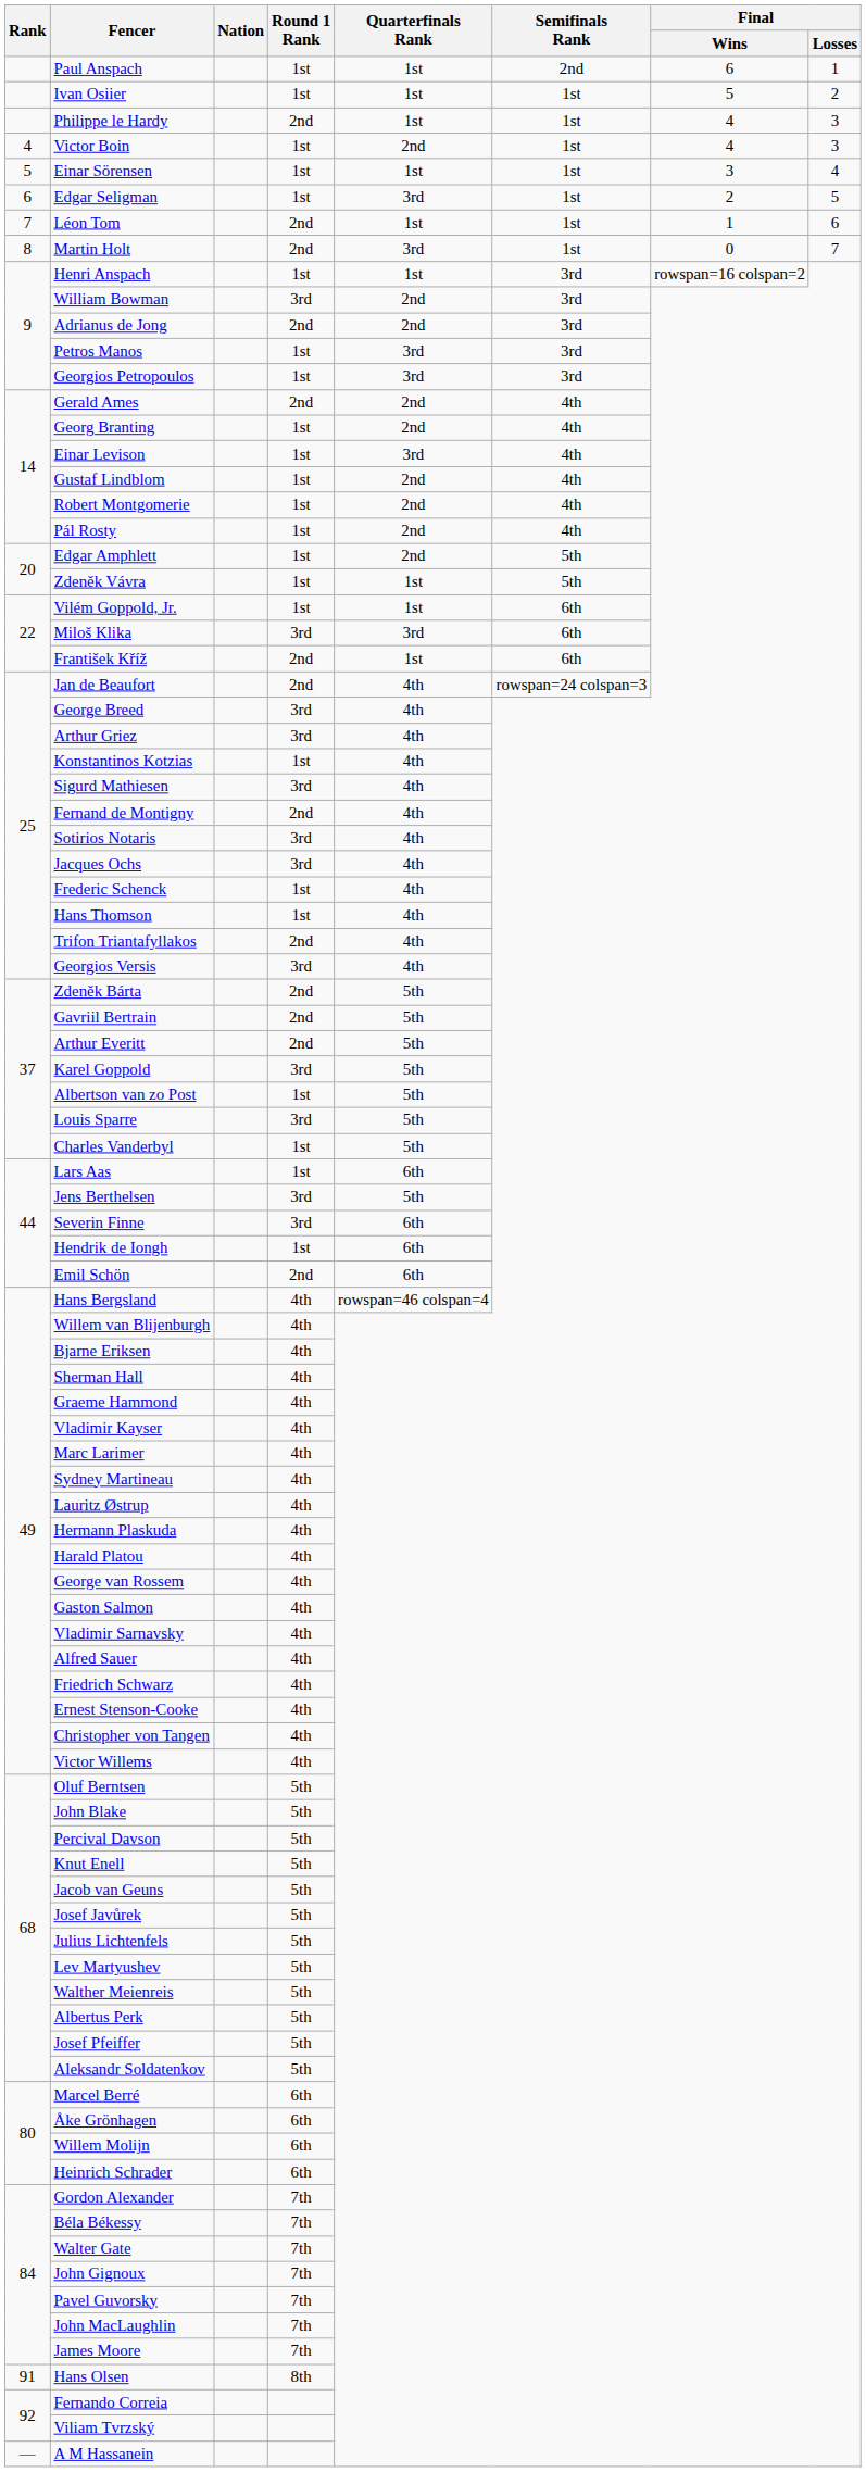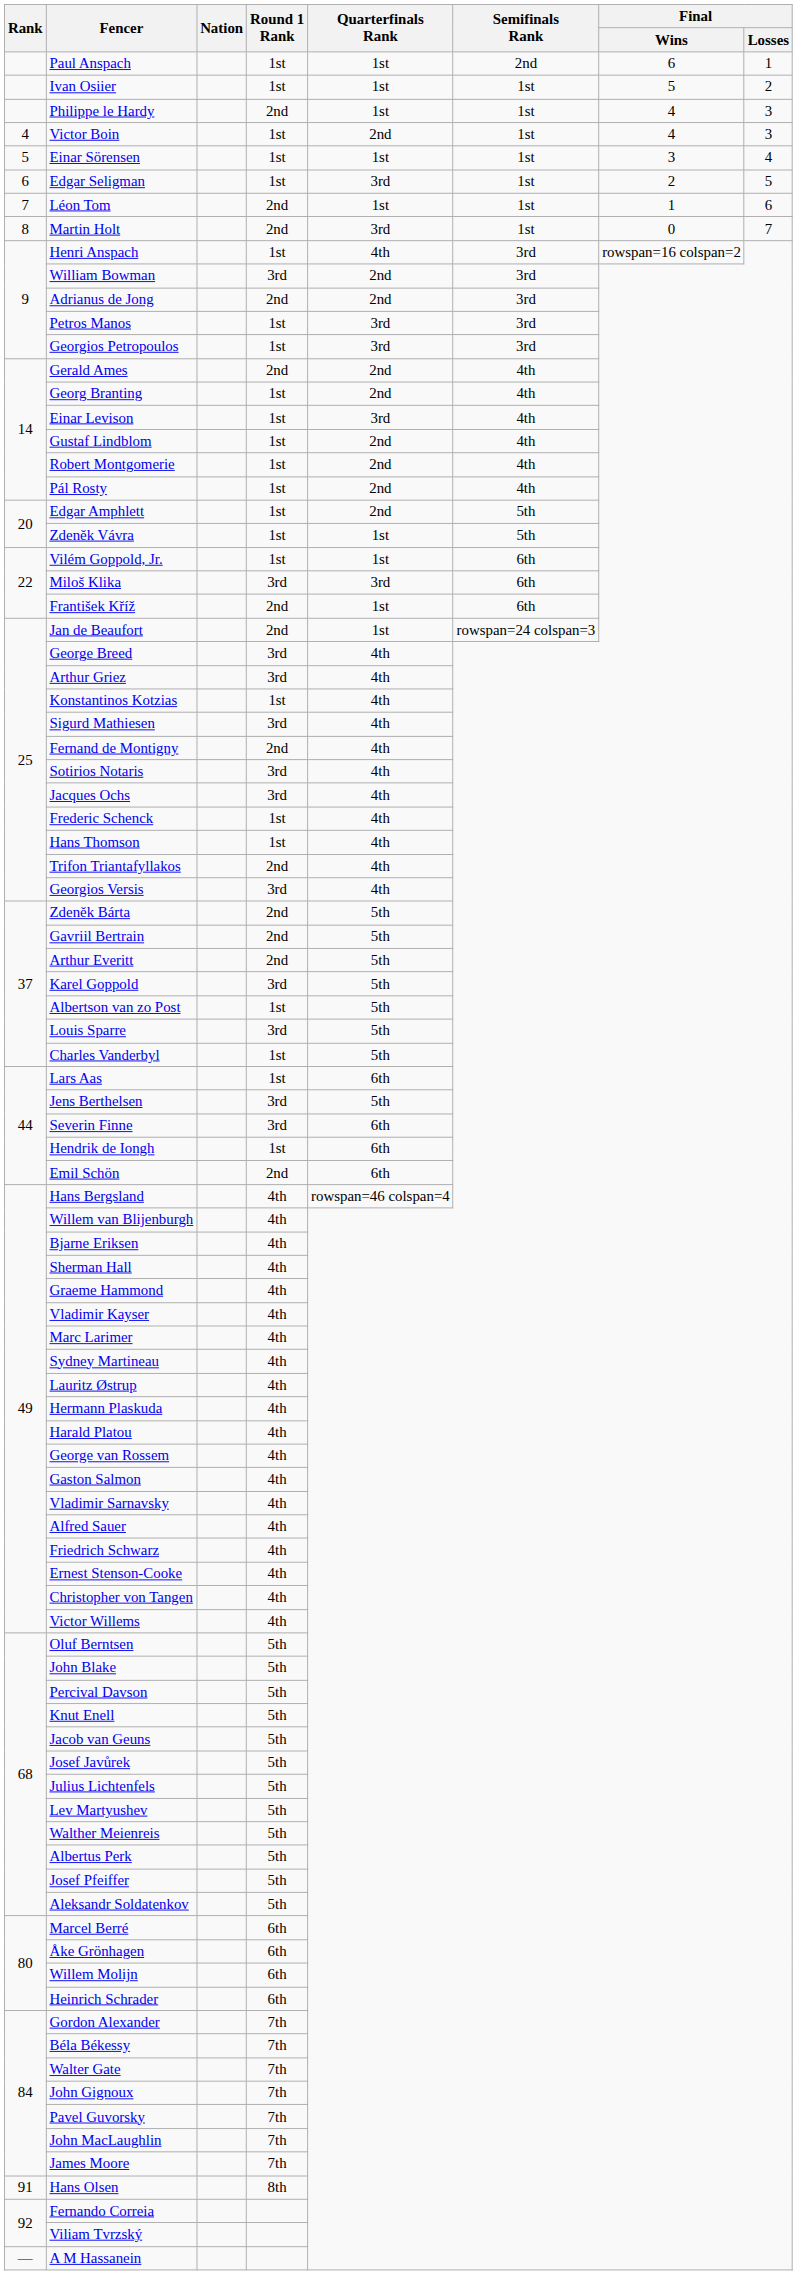 <table class="wikitable sortable" style="text-align:center">
 <tr>
 <th rowspan=2>Rank</th>
 <th rowspan=2>Fencer</th>
 <th rowspan=2>Nation</th>
 <th rowspan=2>Round 1<br>Rank</th>
 <th rowspan=2>Quarterfinals<br>Rank</th>
 <th rowspan=2>Semifinals<br>Rank</th>
 <th colspan=2>Final</th>
 </tr>
 <tr>
 <th>Wins</th>
 <th>Losses</th>
 </tr>
 <tr>
 <td></td>
 <td align=left><a href='#'>Paul Anspach</a></td>
 <td align=left></td>
 <td data-sort-value=1>1st</td>
 <td data-sort-value=1>1st</td>
 <td data-sort-value=2>2nd</td>
 <td>6</td>
 <td>1</td>
 </tr>
 <tr>
 <td></td>
 <td align=left><a href='#'>Ivan Osiier</a></td>
 <td align=left></td>
 <td data-sort-value=1>1st</td>
 <td data-sort-value=1>1st</td>
 <td data-sort-value=1>1st</td>
 <td>5</td>
 <td>2</td>
 </tr>
 <tr>
 <td></td>
 <td align=left><a href='#'>Philippe le Hardy</a></td>
 <td align=left></td>
 <td data-sort-value=2>2nd</td>
 <td data-sort-value=1>1st</td>
 <td data-sort-value=1>1st</td>
 <td>4</td>
 <td>3</td>
 </tr>
 <tr>
 <td>4</td>
 <td align=left><a href='#'>Victor Boin</a></td>
 <td align=left></td>
 <td data-sort-value=1>1st</td>
 <td data-sort-value=2>2nd</td>
 <td data-sort-value=1>1st</td>
 <td>4</td>
 <td>3</td>
 </tr>
 <tr>
 <td>5</td>
 <td align=left><a href='#'>Einar Sörensen</a></td>
 <td align=left></td>
 <td data-sort-value=1>1st</td>
 <td data-sort-value=1>1st</td>
 <td data-sort-value=1>1st</td>
 <td>3</td>
 <td>4</td>
 </tr>
 <tr>
 <td>6</td>
 <td align=left><a href='#'>Edgar Seligman</a></td>
 <td align=left></td>
 <td data-sort-value=1>1st</td>
 <td data-sort-value=3>3rd</td>
 <td data-sort-value=1>1st</td>
 <td>2</td>
 <td>5</td>
 </tr>
 <tr>
 <td>7</td>
 <td align=left><a href='#'>Léon Tom</a></td>
 <td align=left></td>
 <td data-sort-value=2>2nd</td>
 <td data-sort-value=1>1st</td>
 <td data-sort-value=1>1st</td>
 <td>1</td>
 <td>6</td>
 </tr>
 <tr>
 <td>8</td>
 <td align=left><a href='#'>Martin Holt</a></td>
 <td align=left></td>
 <td data-sort-value=2>2nd</td>
 <td data-sort-value=3>3rd</td>
 <td data-sort-value=1>1st</td>
 <td>0</td>
 <td>7</td>
 </tr>
 <tr>
 <td rowspan=5>9</td>
 <td align=left><a href='#'>Henri Anspach</a></td>
 <td align=left></td>
 <td data-sort-value=1>1st</td>
-<td data-sort-value=1>1st</td>
+<td data-sort-value=4>4th</td>
 <td data-sort-value=3>3rd</td>
 <td>rowspan=16 colspan=2 </td>
 </tr>
 <tr>
 <td align=left><a href='#'>William Bowman</a></td>
 <td align=left></td>
 <td data-sort-value=3>3rd</td>
 <td data-sort-value=2>2nd</td>
 <td data-sort-value=3>3rd</td>
 </tr>
 <tr>
 <td align=left><a href='#'>Adrianus de Jong</a></td>
 <td align=left></td>
 <td data-sort-value=2>2nd</td>
 <td data-sort-value=2>2nd</td>
 <td data-sort-value=3>3rd</td>
 </tr>
 <tr>
 <td align=left><a href='#'>Petros Manos</a></td>
 <td align=left></td>
 <td data-sort-value=1>1st</td>
 <td data-sort-value=3>3rd</td>
 <td data-sort-value=3>3rd</td>
 </tr>
 <tr>
 <td align=left><a href='#'>Georgios Petropoulos</a></td>
 <td align=left></td>
 <td data-sort-value=1>1st</td>
 <td data-sort-value=3>3rd</td>
 <td data-sort-value=3>3rd</td>
 </tr>
 <tr>
 <td rowspan=6>14</td>
 <td align=left><a href='#'>Gerald Ames</a></td>
 <td align=left></td>
 <td data-sort-value=2>2nd</td>
 <td data-sort-value=2>2nd</td>
 <td data-sort-value=4>4th</td>
 </tr>
 <tr>
 <td align=left><a href='#'>Georg Branting</a></td>
 <td align=left></td>
 <td data-sort-value=1>1st</td>
 <td data-sort-value=2>2nd</td>
 <td data-sort-value=4>4th</td>
 </tr>
 <tr>
 <td align=left><a href='#'>Einar Levison</a></td>
 <td align=left></td>
 <td data-sort-value=1>1st</td>
 <td data-sort-value=3>3rd</td>
 <td data-sort-value=4>4th</td>
 </tr>
 <tr>
 <td align=left><a href='#'>Gustaf Lindblom</a></td>
 <td align=left></td>
 <td data-sort-value=1>1st</td>
 <td data-sort-value=2>2nd</td>
 <td data-sort-value=4>4th</td>
 </tr>
 <tr>
 <td align=left><a href='#'>Robert Montgomerie</a></td>
 <td align=left></td>
 <td data-sort-value=1>1st</td>
 <td data-sort-value=2>2nd</td>
 <td data-sort-value=4>4th</td>
 </tr>
 <tr>
 <td align=left><a href='#'>Pál Rosty</a></td>
 <td align=left></td>
 <td data-sort-value=1>1st</td>
 <td data-sort-value=2>2nd</td>
 <td data-sort-value=4>4th</td>
 </tr>
 <tr>
 <td rowspan=2>20</td>
 <td align=left><a href='#'>Edgar Amphlett</a></td>
 <td align=left></td>
 <td data-sort-value=1>1st</td>
 <td data-sort-value=2>2nd</td>
 <td data-sort-value=5>5th</td>
 </tr>
 <tr>
 <td align=left><a href='#'>Zdeněk Vávra</a></td>
 <td align=left></td>
 <td data-sort-value=1>1st</td>
 <td data-sort-value=1>1st</td>
 <td data-sort-value=5>5th</td>
 </tr>
 <tr>
 <td rowspan=3>22</td>
 <td align=left><a href='#'>Vilém Goppold, Jr.</a></td>
 <td align=left></td>
 <td data-sort-value=1>1st</td>
 <td data-sort-value=1>1st</td>
 <td data-sort-value=6>6th</td>
 </tr>
 <tr>
 <td align=left><a href='#'>Miloš Klika</a></td>
 <td align=left></td>
 <td data-sort-value=3>3rd</td>
 <td data-sort-value=3>3rd</td>
 <td data-sort-value=6>6th</td>
 </tr>
 <tr>
 <td align=left><a href='#'>František Kříž</a></td>
 <td align=left></td>
 <td data-sort-value=2>2nd</td>
 <td data-sort-value=1>1st</td>
 <td data-sort-value=6>6th</td>
 </tr>
 <tr>
 <td rowspan=12>25</td>
 <td align=left><a href='#'>Jan de Beaufort</a></td>
 <td align=left></td>
 <td data-sort-value=2>2nd</td>
-<td data-sort-value=4>4th</td>
+<td data-sort-value=1>1st</td>
 <td>rowspan=24 colspan=3 </td>
 </tr>
 <tr>
 <td align=left><a href='#'>George Breed</a></td>
 <td align=left></td>
 <td data-sort-value=3>3rd</td>
 <td data-sort-value=4>4th</td>
 </tr>
 <tr>
 <td align=left><a href='#'>Arthur Griez</a></td>
 <td align=left></td>
 <td data-sort-value=3>3rd</td>
 <td data-sort-value=4>4th</td>
 </tr>
 <tr>
 <td align=left><a href='#'>Konstantinos Kotzias</a></td>
 <td align=left></td>
 <td data-sort-value=1>1st</td>
 <td data-sort-value=4>4th</td>
 </tr>
 <tr>
 <td align=left><a href='#'>Sigurd Mathiesen</a></td>
 <td align=left></td>
 <td data-sort-value=3>3rd</td>
 <td data-sort-value=4>4th</td>
 </tr>
 <tr>
 <td align=left><a href='#'>Fernand de Montigny</a></td>
 <td align=left></td>
 <td data-sort-value=2>2nd</td>
 <td data-sort-value=4>4th</td>
 </tr>
 <tr>
 <td align=left><a href='#'>Sotirios Notaris</a></td>
 <td align=left></td>
 <td data-sort-value=3>3rd</td>
 <td data-sort-value=4>4th</td>
 </tr>
 <tr>
 <td align=left><a href='#'>Jacques Ochs</a></td>
 <td align=left></td>
 <td data-sort-value=3>3rd</td>
 <td data-sort-value=4>4th</td>
 </tr>
 <tr>
 <td align=left><a href='#'>Frederic Schenck</a></td>
 <td align=left></td>
 <td data-sort-value=1>1st</td>
 <td data-sort-value=4>4th</td>
 </tr>
 <tr>
 <td align=left><a href='#'>Hans Thomson</a></td>
 <td align=left></td>
 <td data-sort-value=1>1st</td>
 <td data-sort-value=4>4th</td>
 </tr>
 <tr>
 <td align=left><a href='#'>Trifon Triantafyllakos</a></td>
 <td align=left></td>
 <td data-sort-value=2>2nd</td>
 <td data-sort-value=4>4th</td>
 </tr>
 <tr>
 <td align=left><a href='#'>Georgios Versis</a></td>
 <td align=left></td>
 <td data-sort-value=3>3rd</td>
 <td data-sort-value=4>4th</td>
 </tr>
 <tr>
 <td rowspan=7>37</td>
 <td align=left><a href='#'>Zdeněk Bárta</a></td>
 <td align=left></td>
 <td data-sort-value=2>2nd</td>
 <td data-sort-value=5>5th</td>
 </tr>
 <tr>
 <td align=left><a href='#'>Gavriil Bertrain</a></td>
 <td align=left></td>
 <td data-sort-value=2>2nd</td>
 <td data-sort-value=5>5th</td>
 </tr>
 <tr>
 <td align=left><a href='#'>Arthur Everitt</a></td>
 <td align=left></td>
 <td data-sort-value=2>2nd</td>
 <td data-sort-value=5>5th</td>
 </tr>
 <tr>
 <td align=left><a href='#'>Karel Goppold</a></td>
 <td align=left></td>
 <td data-sort-value=3>3rd</td>
 <td data-sort-value=5>5th</td>
 </tr>
 <tr>
 <td align=left><a href='#'>Albertson van zo Post</a></td>
 <td align=left></td>
 <td data-sort-value=1>1st</td>
 <td data-sort-value=5>5th</td>
 </tr>
 <tr>
 <td align=left><a href='#'>Louis Sparre</a></td>
 <td align=left></td>
 <td data-sort-value=3>3rd</td>
 <td data-sort-value=5>5th</td>
 </tr>
 <tr>
 <td align=left><a href='#'>Charles Vanderbyl</a></td>
 <td align=left></td>
 <td data-sort-value=1>1st</td>
 <td data-sort-value=5>5th</td>
 </tr>
 <tr>
 <td rowspan=5>44</td>
 <td align=left><a href='#'>Lars Aas</a></td>
 <td align=left></td>
 <td data-sort-value=1>1st</td>
 <td data-sort-value=6>6th</td>
 </tr>
 <tr>
 <td align=left><a href='#'>Jens Berthelsen</a></td>
 <td align=left></td>
 <td data-sort-value=3>3rd</td>
 <td data-sort-value=5>5th</td>
 </tr>
 <tr>
 <td align=left><a href='#'>Severin Finne</a></td>
 <td align=left></td>
 <td data-sort-value=3>3rd</td>
 <td data-sort-value=6>6th</td>
 </tr>
 <tr>
 <td align=left><a href='#'>Hendrik de Iongh</a></td>
 <td align=left></td>
 <td data-sort-value=1>1st</td>
 <td data-sort-value=6>6th</td>
 </tr>
 <tr>
 <td align=left><a href='#'>Emil Schön</a></td>
 <td align=left></td>
 <td data-sort-value=2>2nd</td>
 <td data-sort-value=6>6th</td>
 </tr>
 <tr>
 <td rowspan=19>49</td>
 <td align=left><a href='#'>Hans Bergsland</a></td>
 <td align=left></td>
 <td data-sort-value=4>4th</td>
 <td>rowspan=46 colspan=4 </td>
 </tr>
 <tr>
 <td align=left><a href='#'>Willem van Blijenburgh</a></td>
 <td align=left></td>
 <td data-sort-value=4>4th</td>
 </tr>
 <tr>
 <td align=left><a href='#'>Bjarne Eriksen</a></td>
 <td align=left></td>
 <td data-sort-value=4>4th</td>
 </tr>
 <tr>
 <td align=left><a href='#'>Sherman Hall</a></td>
 <td align=left></td>
 <td data-sort-value=4>4th</td>
 </tr>
 <tr>
 <td align=left><a href='#'>Graeme Hammond</a></td>
 <td align=left></td>
 <td data-sort-value=4>4th</td>
 </tr>
 <tr>
 <td align=left><a href='#'>Vladimir Kayser</a></td>
 <td align=left></td>
 <td data-sort-value=4>4th</td>
 </tr>
 <tr>
 <td align=left><a href='#'>Marc Larimer</a></td>
 <td align=left></td>
 <td data-sort-value=4>4th</td>
 </tr>
 <tr>
 <td align=left><a href='#'>Sydney Martineau</a></td>
 <td align=left></td>
 <td data-sort-value=4>4th</td>
 </tr>
 <tr>
 <td align=left><a href='#'>Lauritz Østrup</a></td>
 <td align=left></td>
 <td data-sort-value=4>4th</td>
 </tr>
 <tr>
 <td align=left><a href='#'>Hermann Plaskuda</a></td>
 <td align=left></td>
 <td data-sort-value=4>4th</td>
 </tr>
 <tr>
 <td align=left><a href='#'>Harald Platou</a></td>
 <td align=left></td>
 <td data-sort-value=4>4th</td>
 </tr>
 <tr>
 <td align=left><a href='#'>George van Rossem</a></td>
 <td align=left></td>
 <td data-sort-value=4>4th</td>
 </tr>
 <tr>
 <td align=left><a href='#'>Gaston Salmon</a></td>
 <td align=left></td>
 <td data-sort-value=4>4th</td>
 </tr>
 <tr>
 <td align=left><a href='#'>Vladimir Sarnavsky</a></td>
 <td align=left></td>
 <td data-sort-value=4>4th</td>
 </tr>
 <tr>
 <td align=left><a href='#'>Alfred Sauer</a></td>
 <td align=left></td>
 <td data-sort-value=4>4th</td>
 </tr>
 <tr>
 <td align=left><a href='#'>Friedrich Schwarz</a></td>
 <td align=left></td>
 <td data-sort-value=4>4th</td>
 </tr>
 <tr>
 <td align=left><a href='#'>Ernest Stenson-Cooke</a></td>
 <td align=left></td>
 <td data-sort-value=4>4th</td>
 </tr>
 <tr>
 <td align=left><a href='#'>Christopher von Tangen</a></td>
 <td align=left></td>
 <td data-sort-value=4>4th</td>
 </tr>
 <tr>
 <td align=left><a href='#'>Victor Willems</a></td>
 <td align=left></td>
 <td data-sort-value=4>4th</td>
 </tr>
 <tr>
 <td rowspan=12>68</td>
 <td align=left><a href='#'>Oluf Berntsen</a></td>
 <td align=left></td>
 <td data-sort-value=5>5th</td>
 </tr>
 <tr>
 <td align=left><a href='#'>John Blake</a></td>
 <td align=left></td>
 <td data-sort-value=5>5th</td>
 </tr>
 <tr>
 <td align=left><a href='#'>Percival Davson</a></td>
 <td align=left></td>
 <td data-sort-value=5>5th</td>
 </tr>
 <tr>
 <td align=left><a href='#'>Knut Enell</a></td>
 <td align=left></td>
 <td data-sort-value=5>5th</td>
 </tr>
 <tr>
 <td align=left><a href='#'>Jacob van Geuns</a></td>
 <td align=left></td>
 <td data-sort-value=5>5th</td>
 </tr>
 <tr>
 <td align=left><a href='#'>Josef Javůrek</a></td>
 <td align=left></td>
 <td data-sort-value=5>5th</td>
 </tr>
 <tr>
 <td align=left><a href='#'>Julius Lichtenfels</a></td>
 <td align=left></td>
 <td data-sort-value=5>5th</td>
 </tr>
 <tr>
 <td align=left><a href='#'>Lev Martyushev</a></td>
 <td align=left></td>
 <td data-sort-value=5>5th</td>
 </tr>
 <tr>
 <td align=left><a href='#'>Walther Meienreis</a></td>
 <td align=left></td>
 <td data-sort-value=5>5th</td>
 </tr>
 <tr>
 <td align=left><a href='#'>Albertus Perk</a></td>
 <td align=left></td>
 <td data-sort-value=5>5th</td>
 </tr>
 <tr>
 <td align=left><a href='#'>Josef Pfeiffer</a></td>
 <td align=left></td>
 <td data-sort-value=5>5th</td>
 </tr>
 <tr>
 <td align=left><a href='#'>Aleksandr Soldatenkov</a></td>
 <td align=left></td>
 <td data-sort-value=5>5th</td>
 </tr>
 <tr>
 <td rowspan=4>80</td>
 <td align=left><a href='#'>Marcel Berré</a></td>
 <td align=left></td>
 <td data-sort-value=6>6th</td>
 </tr>
 <tr>
 <td align=left><a href='#'>Åke Grönhagen</a></td>
 <td align=left></td>
 <td data-sort-value=6>6th</td>
 </tr>
 <tr>
 <td align=left><a href='#'>Willem Molijn</a></td>
 <td align=left></td>
 <td data-sort-value=6>6th</td>
 </tr>
 <tr>
 <td align=left><a href='#'>Heinrich Schrader</a></td>
 <td align=left></td>
 <td data-sort-value=6>6th</td>
 </tr>
 <tr>
 <td rowspan=7>84</td>
 <td align=left><a href='#'>Gordon Alexander</a></td>
 <td align=left></td>
 <td data-sort-value=7>7th</td>
 </tr>
 <tr>
 <td align=left><a href='#'>Béla Békessy</a></td>
 <td align=left></td>
 <td data-sort-value=7>7th</td>
 </tr>
 <tr>
 <td align=left><a href='#'>Walter Gate</a></td>
 <td align=left></td>
 <td data-sort-value=7>7th</td>
 </tr>
 <tr>
 <td align=left><a href='#'>John Gignoux</a></td>
 <td align=left></td>
 <td data-sort-value=7>7th</td>
 </tr>
 <tr>
 <td align=left><a href='#'>Pavel Guvorsky</a></td>
 <td align=left></td>
 <td data-sort-value=7>7th</td>
 </tr>
 <tr>
 <td align=left><a href='#'>John MacLaughlin</a></td>
 <td align=left></td>
 <td data-sort-value=7>7th</td>
 </tr>
 <tr>
 <td align=left><a href='#'>James Moore</a></td>
 <td align=left></td>
 <td data-sort-value=7>7th</td>
 </tr>
 <tr>
 <td>91</td>
 <td align=left><a href='#'>Hans Olsen</a></td>
 <td align=left></td>
 <td data-sort-value=8>8th</td>
 </tr>
 <tr>
 <td rowspan=2>92</td>
 <td align=left><a href='#'>Fernando Correia</a></td>
 <td align=left></td>
 <td data-sort-value=9></td>
 </tr>
 <tr>
 <td align=left><a href='#'>Viliam Tvrzský</a></td>
 <td align=left></td>
 <td data-sort-value=9></td>
 </tr>
 <tr>
 <td data-sort-value=95>—</td>
 <td align=left><a href='#'>A M Hassanein</a></td>
 <td align=left></td>
 <td data-sort-value=99></td>
 </tr>
 </table>
